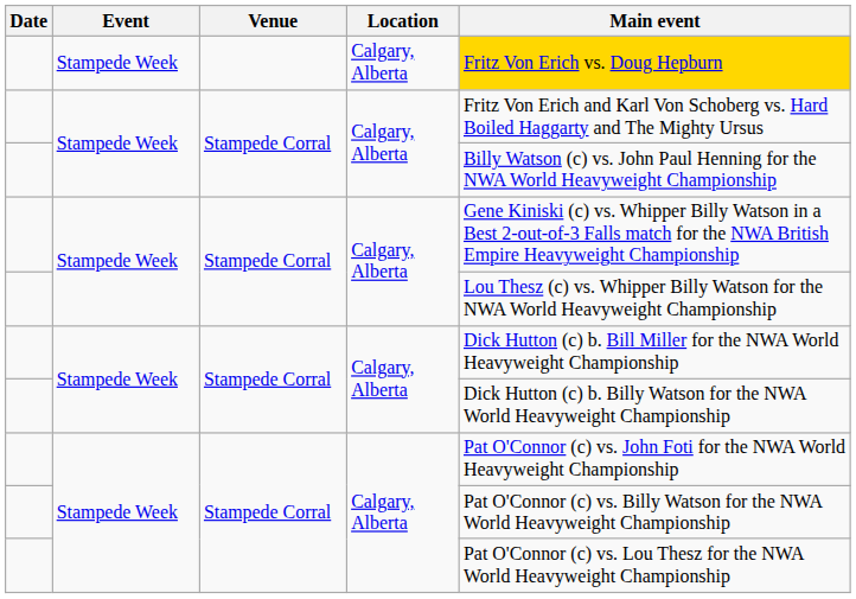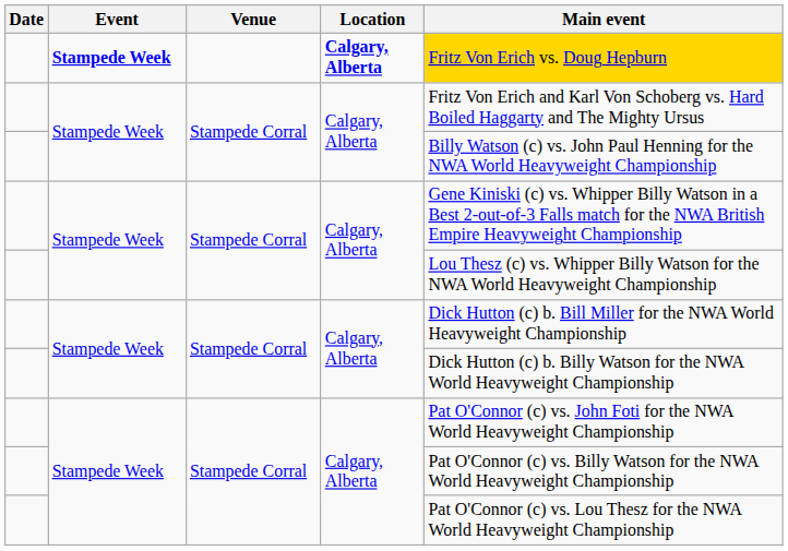 <table class="sortable wikitable succession-box" style="font-size:85%;">
 <tr>
 <th scope="col" width="10">Date</th>
 <th scope="col" width="150">Event</th>
 <th scope="col" width="150">Venue</th>
 <th scope="col" width="100">Location</th>
 <th scope="col" width="490">Main event</th>
 </tr>
 <tr>
 <td></td>
-<td><a href='#'>Stampede Week</a></td>
+<td><strong><a href='#'>Stampede Week</a></strong></td>
 <td></td>
-<td><a href='#'>Calgary, Alberta</a></td>
+<td><strong><a href='#'>Calgary, Alberta</a></strong></td>
 <td style="background: gold;"><a href='#'>Fritz Von Erich</a> vs. <a href='#'>Doug Hepburn</a></td>
 </tr>
 <tr>
 <td></td>
 <td rowspan="2"><a href='#'>Stampede Week</a></td>
 <td rowspan="2"><a href='#'>Stampede Corral</a></td>
 <td rowspan="2"><a href='#'>Calgary, Alberta</a></td>
 <td>Fritz Von Erich and Karl Von Schoberg vs. <a href='#'>Hard Boiled Haggarty</a> and The Mighty Ursus</td>
 </tr>
 <tr>
 <td></td>
 <td><a href='#'>Billy Watson</a> (c) vs. John Paul Henning for the <a href='#'>NWA World Heavyweight Championship</a></td>
 </tr>
 <tr>
 <td></td>
 <td rowspan="2"><a href='#'>Stampede Week</a></td>
 <td rowspan="2"><a href='#'>Stampede Corral</a></td>
 <td rowspan="2"><a href='#'>Calgary, Alberta</a></td>
 <td><a href='#'>Gene Kiniski</a> (c) vs. Whipper Billy Watson in a <a href='#'>Best 2-out-of-3 Falls match</a> for the <a href='#'>NWA British Empire Heavyweight Championship</a></td>
 </tr>
 <tr>
 <td></td>
 <td><a href='#'>Lou Thesz</a> (c) vs. Whipper Billy Watson for the NWA World Heavyweight Championship</td>
 </tr>
 <tr>
 <td></td>
 <td rowspan="2"><a href='#'>Stampede Week</a></td>
 <td rowspan="2"><a href='#'>Stampede Corral</a></td>
 <td rowspan="2"><a href='#'>Calgary, Alberta</a></td>
 <td><a href='#'>Dick Hutton</a> (c) b. <a href='#'>Bill Miller</a> for the NWA World Heavyweight Championship</td>
 </tr>
 <tr>
 <td></td>
 <td>Dick Hutton (c) b. Billy Watson for the NWA World Heavyweight Championship</td>
 </tr>
 <tr>
 <td></td>
 <td rowspan="3"><a href='#'>Stampede Week</a></td>
 <td rowspan="3"><a href='#'>Stampede Corral</a></td>
 <td rowspan="3"><a href='#'>Calgary, Alberta</a></td>
 <td><a href='#'>Pat O'Connor</a> (c) vs. <a href='#'>John Foti</a> for the NWA World Heavyweight Championship</td>
 </tr>
 <tr>
 <td></td>
 <td>Pat O'Connor (c) vs. Billy Watson for the NWA World Heavyweight Championship</td>
 </tr>
 <tr>
 <td></td>
 <td>Pat O'Connor (c) vs. Lou Thesz for the NWA World Heavyweight Championship</td>
 </tr>
 </table>
